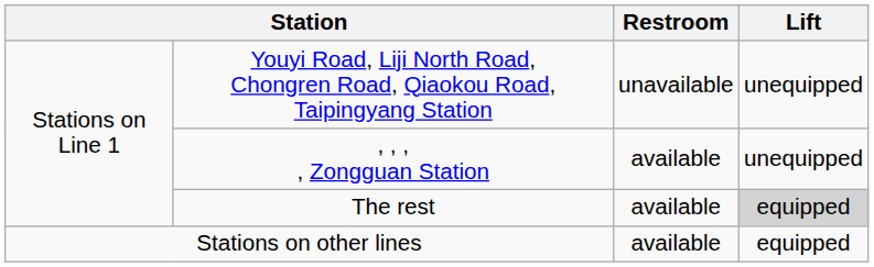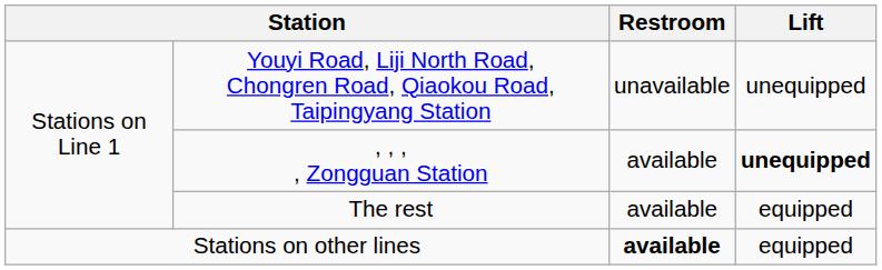 <table class="wikitable" style="text-align: center;">
 <tr>
 <th colspan="2">Station</th>
 <th>Restroom</th>
 <th>Lift</th>
 </tr>
 <tr>
 <td rowspan="3">Stations on Line 1</td>
 <td><a href='#'>Youyi Road</a>, <a href='#'>Liji North Road</a>,<br> <a href='#'>Chongren Road</a>, <a href='#'>Qiaokou Road</a>, <a href='#'>Taipingyang Station</a></td>
 <td>unavailable</td>
 <td>unequipped</td>
 </tr>
 <tr>
 <td>, , , <br>, <a href='#'>Zongguan Station</a></td>
 <td>available</td>
-<td>unequipped</td>
+<td><strong>unequipped</strong></td>
 </tr>
 <tr>
 <td>The rest</td>
 <td>available</td>
-<td style="background: lightgrey;">equipped</td>
+<td>equipped</td>
 </tr>
 <tr>
 <td colspan="2">Stations on other lines</td>
-<td>available</td>
+<td><strong>available</strong></td>
 <td>equipped</td>
 </tr>
 </table>
